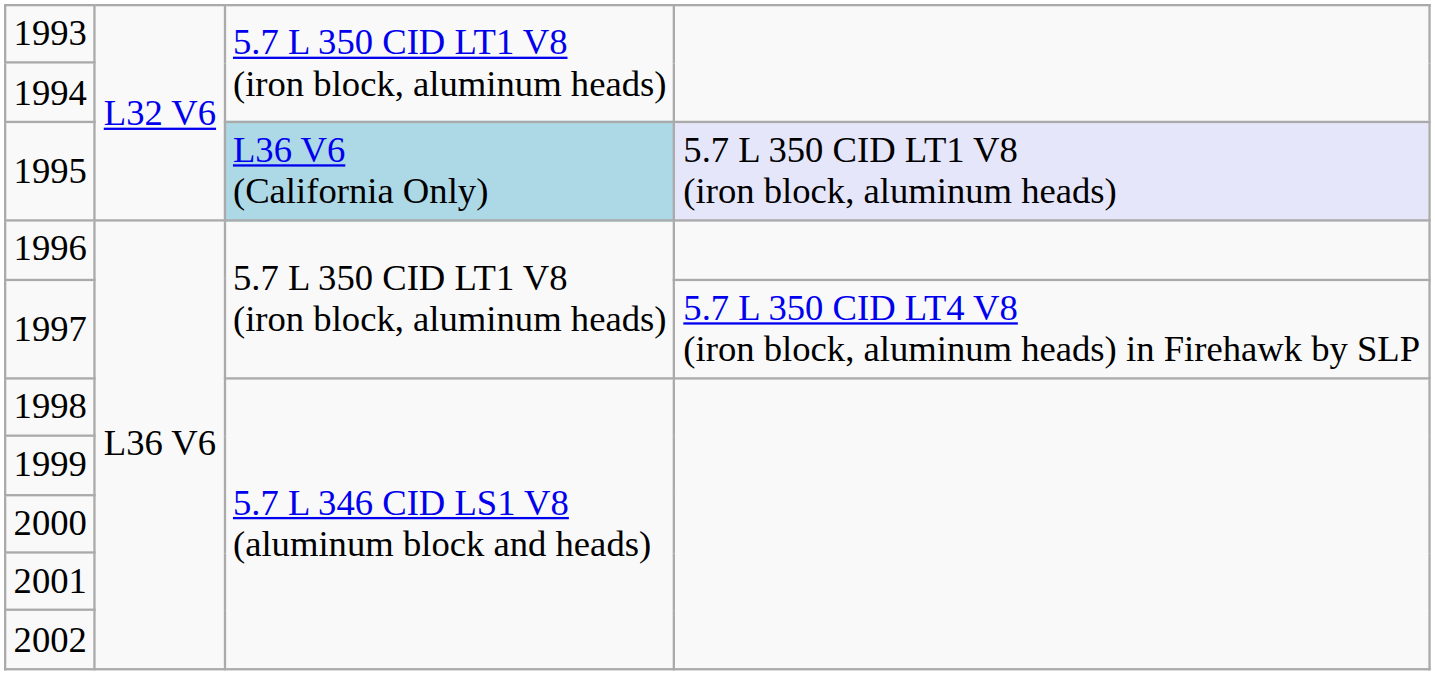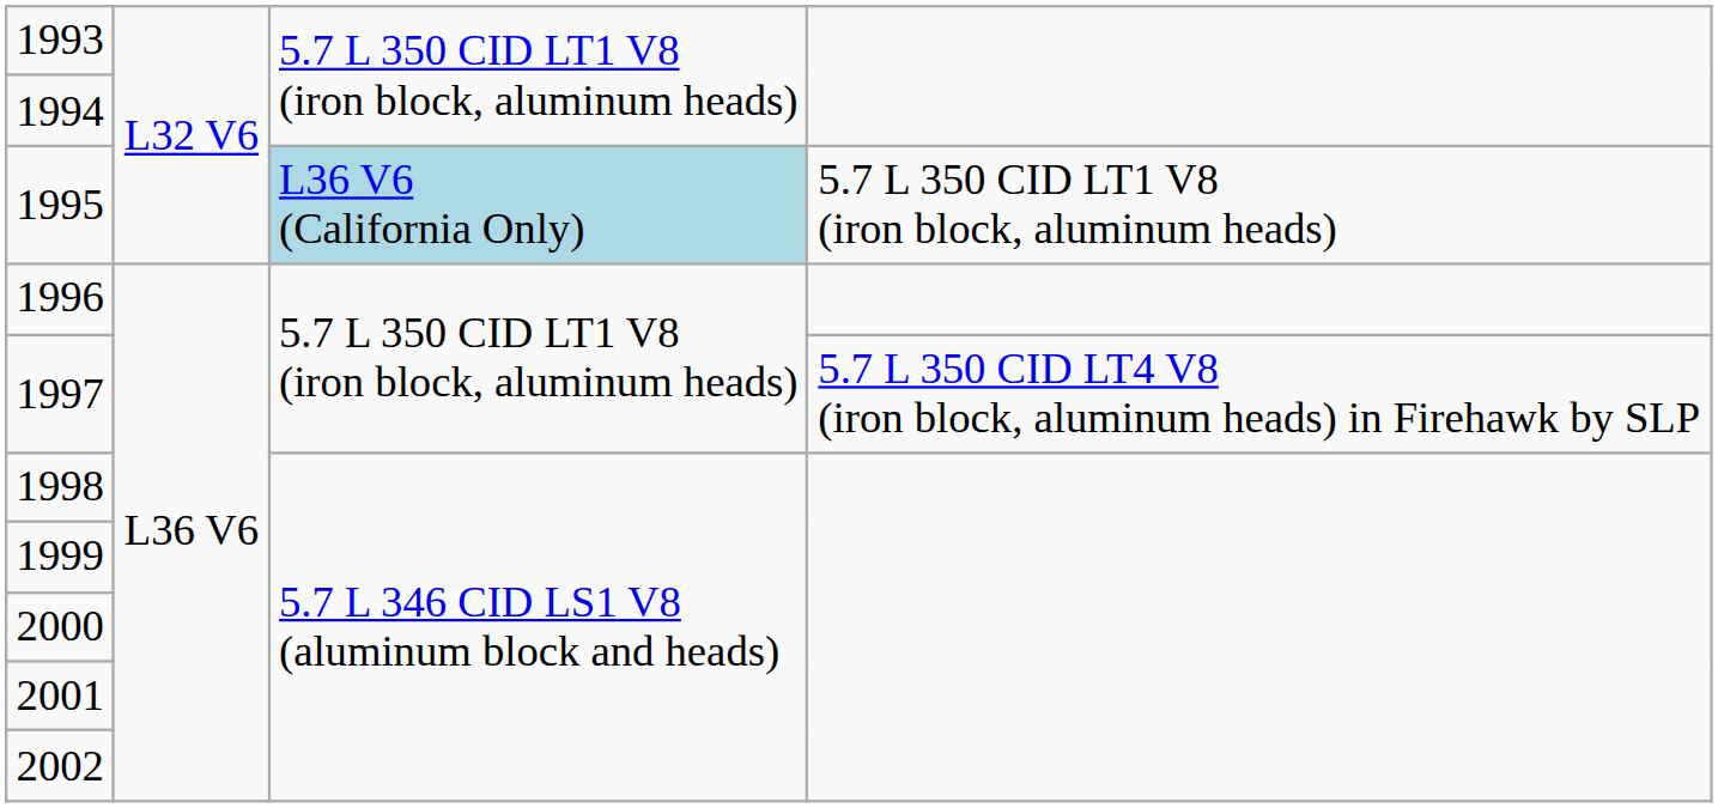 <table class="wikitable" style="font-size||95%;">
 <tr>
 <td>1993</td>
 <td rowspan="3"><a href='#'> L32 V6</a></td>
 <td rowspan="2"><a href='#'>5.7 L 350 CID LT1 V8</a><br>(iron block, aluminum heads)</td>
 </tr>
 <tr>
 <td>1994</td>
 </tr>
 <tr>
 <td>1995</td>
 <td style="background: lightblue;"><a href='#'> L36 V6</a><br>(California Only)</td>
-<td style="background: lavender;">5.7 L 350 CID LT1 V8<br>(iron block, aluminum heads)</td>
+<td>5.7 L 350 CID LT1 V8<br>(iron block, aluminum heads)</td>
 </tr>
 <tr>
 <td>1996</td>
 <td rowspan="7"> L36 V6</td>
 <td rowspan="2">5.7 L 350 CID LT1 V8<br>(iron block, aluminum heads)</td>
 </tr>
 <tr>
 <td>1997</td>
 <td><a href='#'>5.7 L 350 CID LT4 V8</a><br>(iron block, aluminum heads) in Firehawk by SLP</td>
 </tr>
 <tr>
 <td>1998</td>
 <td rowspan="5"><a href='#'>5.7 L 346 CID LS1 V8</a><br>(aluminum block and heads)</td>
 </tr>
 <tr>
 <td>1999</td>
 </tr>
 <tr>
 <td>2000</td>
 </tr>
 <tr>
 <td>2001</td>
 </tr>
 <tr>
 <td>2002</td>
 </tr>
 </table>
